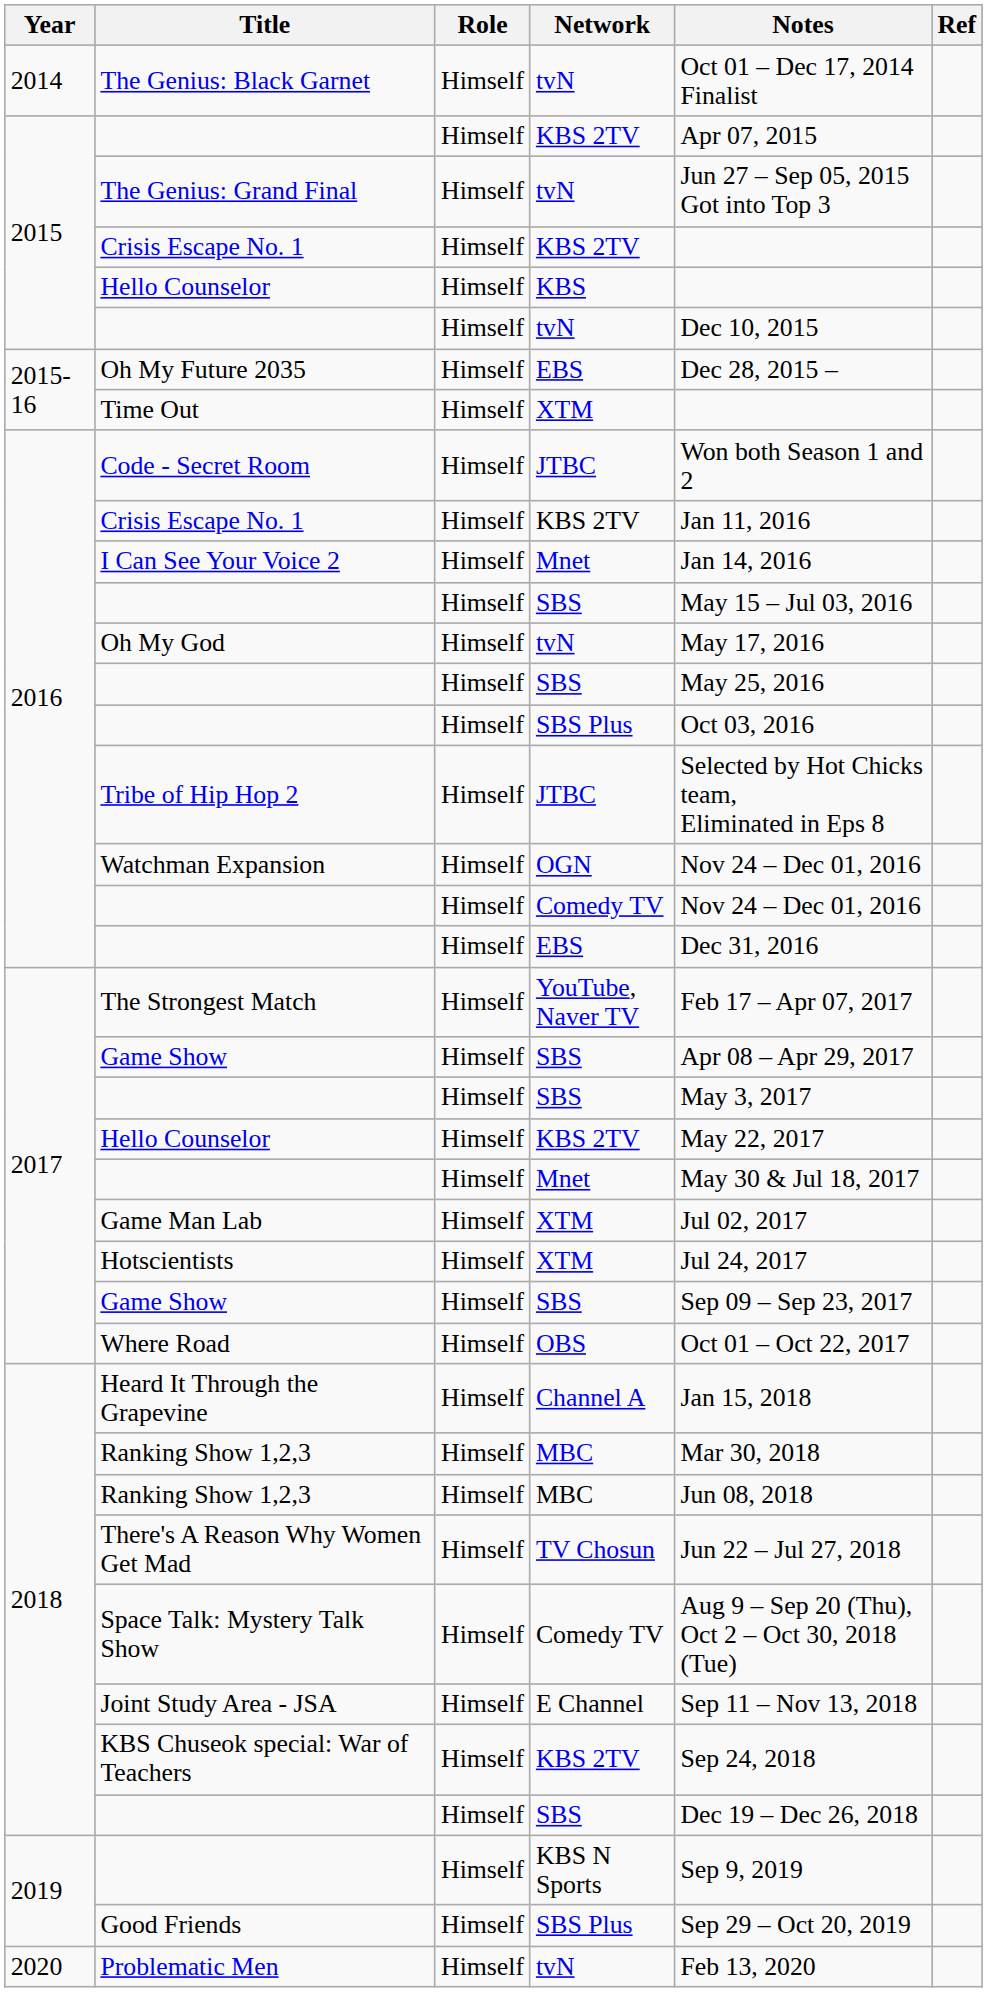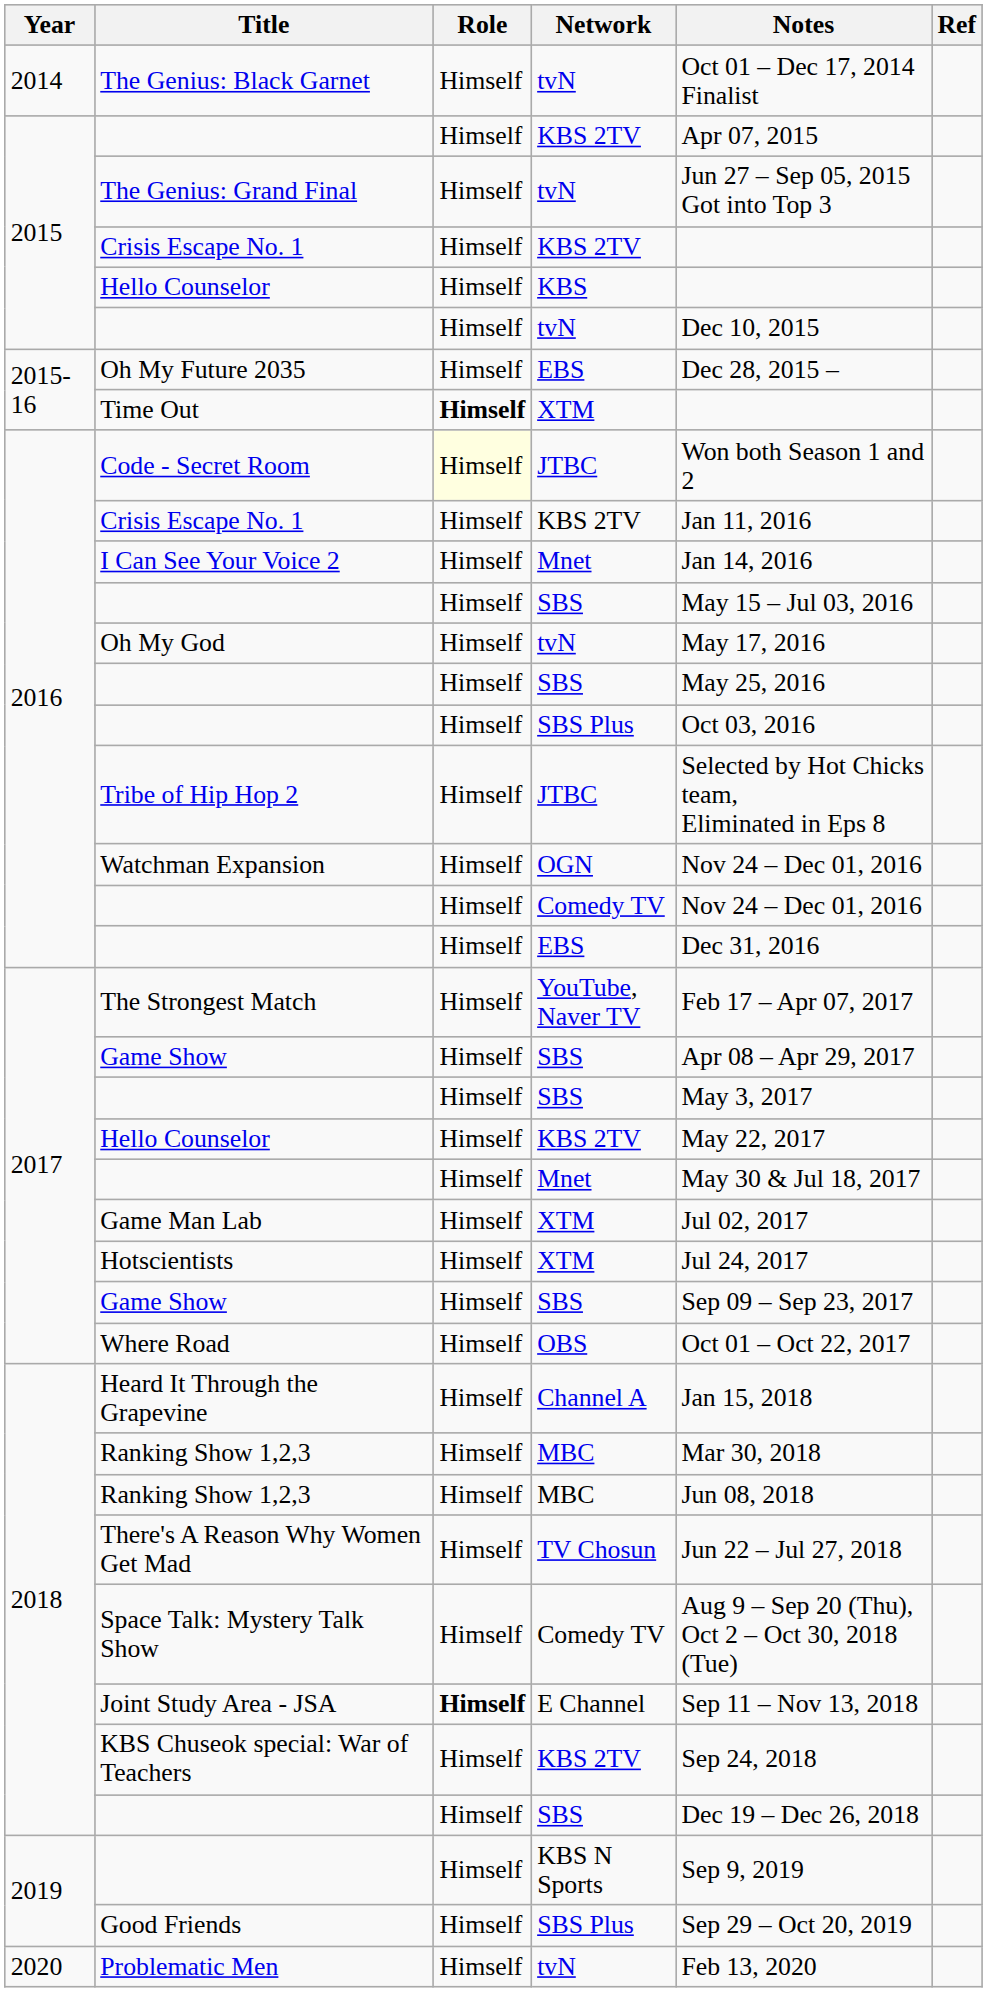 <table class="wikitable sortable">
 <tr>
 <th>Year</th>
 <th>Title</th>
 <th>Role</th>
 <th>Network</th>
 <th>Notes</th>
 <th>Ref</th>
 </tr>
 <tr>
 <td>2014</td>
 <td><a href='#'>The Genius: Black Garnet</a></td>
 <td>Himself</td>
 <td><a href='#'>tvN</a></td>
 <td>Oct 01 – Dec 17, 2014<br>Finalist</td>
 <td></td>
 </tr>
 <tr>
 <td rowspan="5">2015</td>
 <td></td>
 <td>Himself</td>
 <td><a href='#'>KBS 2TV</a></td>
 <td>Apr 07, 2015</td>
 <td></td>
 </tr>
 <tr>
 <td><a href='#'>The Genius: Grand Final</a></td>
 <td>Himself</td>
 <td><a href='#'>tvN</a></td>
 <td>Jun 27 – Sep 05, 2015<br>Got into Top 3</td>
 <td></td>
 </tr>
 <tr>
 <td><a href='#'>Crisis Escape No. 1</a></td>
 <td>Himself</td>
 <td><a href='#'>KBS 2TV</a></td>
 <td></td>
 <td></td>
 </tr>
 <tr>
 <td><a href='#'>Hello Counselor</a></td>
 <td>Himself</td>
 <td><a href='#'>KBS</a></td>
 <td></td>
 <td></td>
 </tr>
 <tr>
 <td></td>
 <td>Himself</td>
 <td><a href='#'>tvN</a></td>
 <td>Dec 10, 2015</td>
 <td></td>
 </tr>
 <tr>
 <td rowspan="2">2015-16</td>
 <td>Oh My Future 2035</td>
 <td>Himself</td>
 <td><a href='#'>EBS</a></td>
 <td>Dec 28, 2015 –</td>
 <td></td>
 </tr>
 <tr>
 <td>Time Out</td>
-<td>Himself</td>
+<td><strong>Himself</strong></td>
 <td><a href='#'>XTM</a></td>
 <td></td>
 <td></td>
 </tr>
 <tr>
 <td rowspan="11">2016</td>
 <td><a href='#'>Code - Secret Room</a></td>
-<td>Himself</td>
+<td style="background: lightyellow;">Himself</td>
 <td><a href='#'>JTBC</a></td>
 <td>Won both Season 1 and 2</td>
 <td></td>
 </tr>
 <tr>
 <td><a href='#'>Crisis Escape No. 1</a></td>
 <td>Himself</td>
 <td>KBS 2TV</td>
 <td>Jan 11, 2016</td>
 <td></td>
 </tr>
 <tr>
 <td><a href='#'>I Can See Your Voice 2</a></td>
 <td>Himself</td>
 <td><a href='#'>Mnet</a></td>
 <td>Jan 14, 2016</td>
 <td></td>
 </tr>
 <tr>
 <td></td>
 <td>Himself</td>
 <td><a href='#'>SBS</a></td>
 <td>May 15 – Jul 03, 2016</td>
 <td></td>
 </tr>
 <tr>
 <td>Oh My God</td>
 <td>Himself</td>
 <td><a href='#'>tvN</a></td>
 <td>May 17, 2016</td>
 <td></td>
 </tr>
 <tr>
 <td></td>
 <td>Himself</td>
 <td><a href='#'>SBS</a></td>
 <td>May 25, 2016</td>
 <td></td>
 </tr>
 <tr>
 <td></td>
 <td>Himself</td>
 <td><a href='#'>SBS Plus</a></td>
 <td>Oct 03, 2016</td>
 <td></td>
 </tr>
 <tr>
 <td><a href='#'>Tribe of Hip Hop 2</a></td>
 <td>Himself</td>
 <td><a href='#'>JTBC</a></td>
 <td>Selected by Hot Chicks team, <br> Eliminated in Eps 8</td>
 <td></td>
 </tr>
 <tr>
 <td>Watchman Expansion</td>
 <td>Himself</td>
 <td><a href='#'>OGN</a></td>
 <td>Nov 24 – Dec 01, 2016</td>
 <td></td>
 </tr>
 <tr>
 <td></td>
 <td>Himself</td>
 <td><a href='#'>Comedy TV</a></td>
 <td>Nov 24 – Dec 01, 2016</td>
 <td></td>
 </tr>
 <tr>
 <td></td>
 <td>Himself</td>
 <td><a href='#'>EBS</a></td>
 <td>Dec 31, 2016</td>
 <td></td>
 </tr>
 <tr>
 <td rowspan="9">2017</td>
 <td>The Strongest Match</td>
 <td>Himself</td>
 <td><a href='#'>YouTube</a>,<br><a href='#'>Naver TV</a></td>
 <td>Feb 17 – Apr 07, 2017</td>
 <td></td>
 </tr>
 <tr>
 <td><a href='#'>Game Show</a></td>
 <td>Himself</td>
 <td><a href='#'>SBS</a></td>
 <td>Apr 08 – Apr 29, 2017</td>
 <td></td>
 </tr>
 <tr>
 <td></td>
 <td>Himself</td>
 <td><a href='#'>SBS</a></td>
 <td>May 3, 2017</td>
 <td></td>
 </tr>
 <tr>
 <td><a href='#'>Hello Counselor</a></td>
 <td>Himself</td>
 <td><a href='#'>KBS 2TV</a></td>
 <td>May 22, 2017</td>
 <td></td>
 </tr>
 <tr>
 <td></td>
 <td>Himself</td>
 <td><a href='#'>Mnet</a></td>
 <td>May 30 & Jul 18, 2017</td>
 <td></td>
 </tr>
 <tr>
 <td>Game Man Lab</td>
 <td>Himself</td>
 <td><a href='#'>XTM</a></td>
 <td>Jul 02, 2017</td>
 <td></td>
 </tr>
 <tr>
 <td>Hotscientists</td>
 <td>Himself</td>
 <td><a href='#'>XTM</a></td>
 <td>Jul 24, 2017</td>
 <td></td>
 </tr>
 <tr>
 <td><a href='#'>Game Show</a></td>
 <td>Himself</td>
 <td><a href='#'>SBS</a></td>
 <td>Sep 09 – Sep 23, 2017</td>
 <td></td>
 </tr>
 <tr>
 <td>Where Road</td>
 <td>Himself</td>
 <td><a href='#'>OBS</a></td>
 <td>Oct 01 – Oct 22, 2017</td>
 <td></td>
 </tr>
 <tr>
 <td rowspan="8">2018</td>
 <td>Heard It Through the Grapevine</td>
 <td>Himself</td>
 <td><a href='#'>Channel A</a></td>
 <td>Jan 15, 2018</td>
 <td></td>
 </tr>
 <tr>
 <td>Ranking Show 1,2,3</td>
 <td>Himself</td>
 <td><a href='#'>MBC</a></td>
 <td>Mar 30, 2018</td>
 <td></td>
 </tr>
 <tr>
 <td>Ranking Show 1,2,3</td>
 <td>Himself</td>
 <td>MBC</td>
 <td>Jun 08, 2018</td>
 <td></td>
 </tr>
 <tr>
 <td>There's A Reason Why Women Get Mad</td>
 <td>Himself</td>
 <td><a href='#'>TV Chosun</a></td>
 <td>Jun 22 – Jul 27, 2018</td>
 <td></td>
 </tr>
 <tr>
 <td>Space Talk: Mystery Talk Show</td>
 <td>Himself</td>
 <td>Comedy TV</td>
 <td>Aug 9 – Sep 20 (Thu),<br>Oct 2 – Oct 30, 2018 (Tue)</td>
 <td></td>
 </tr>
 <tr>
 <td>Joint Study Area - JSA</td>
-<td>Himself</td>
+<td><strong>Himself</strong></td>
 <td>E Channel</td>
 <td>Sep 11 – Nov 13, 2018</td>
 <td></td>
 </tr>
 <tr>
 <td>KBS Chuseok special: War of Teachers</td>
 <td>Himself</td>
 <td><a href='#'>KBS 2TV</a></td>
 <td>Sep 24, 2018</td>
 <td></td>
 </tr>
 <tr>
 <td></td>
 <td>Himself</td>
 <td><a href='#'>SBS</a></td>
 <td>Dec 19 – Dec 26, 2018</td>
 <td></td>
 </tr>
 <tr>
 <td rowspan="2">2019</td>
 <td></td>
 <td>Himself</td>
 <td>KBS N Sports</td>
 <td>Sep 9, 2019</td>
 <td></td>
 </tr>
 <tr>
 <td>Good Friends</td>
 <td>Himself</td>
 <td><a href='#'>SBS Plus</a></td>
 <td>Sep 29 – Oct 20, 2019</td>
 <td></td>
 </tr>
 <tr>
 <td rowspan="1">2020</td>
 <td><a href='#'>Problematic Men</a></td>
 <td>Himself</td>
 <td><a href='#'>tvN</a></td>
 <td>Feb 13, 2020</td>
 <td></td>
 </tr>
 </table>
